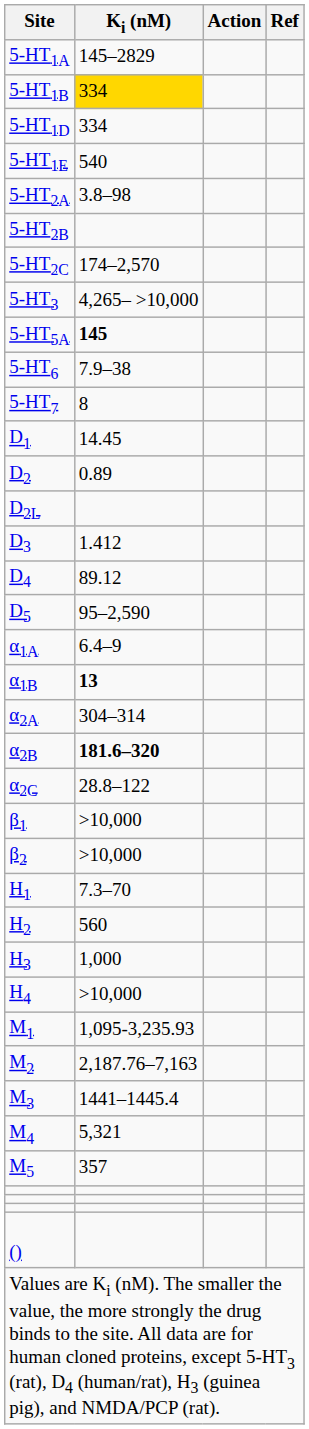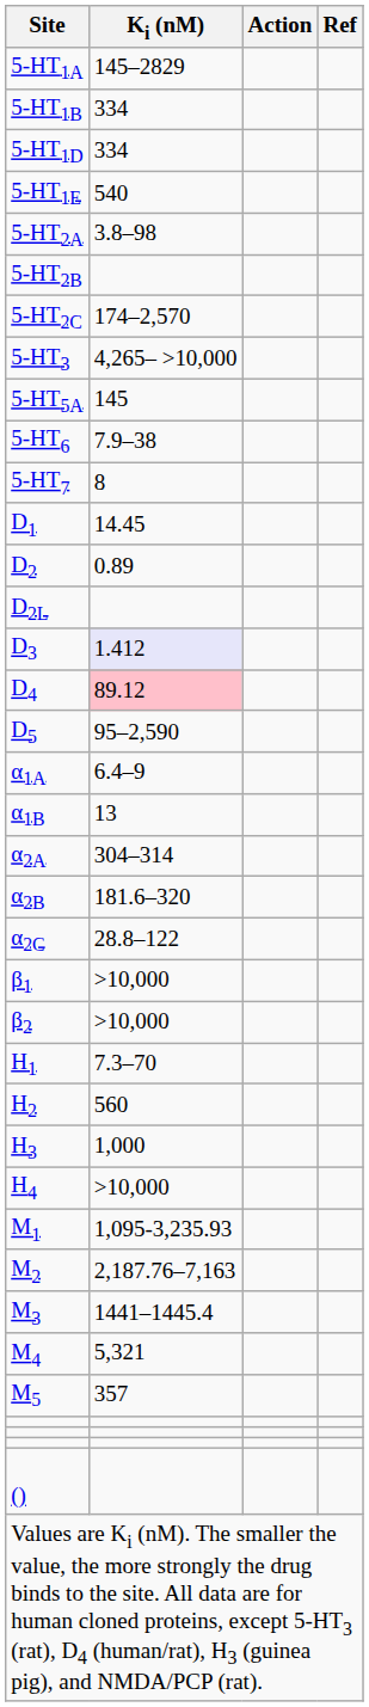 <table class="wikitable floatright" style="font-size:small;">
 <tr>
 <th>Site</th>
 <th>K<sub>i</sub> (nM)</th>
 <th>Action</th>
 <th>Ref</th>
 </tr>
 <tr>
 <td><a href='#'>5-HT<sub>1A</sub></a></td>
 <td>145–2829</td>
 <td></td>
 <td></td>
 </tr>
 <tr>
 <td><a href='#'>5-HT<sub>1B</sub></a></td>
-<td style="background: gold;">334</td>
+<td>334</td>
 <td></td>
 <td></td>
 </tr>
 <tr>
 <td><a href='#'>5-HT<sub>1D</sub></a></td>
 <td>334</td>
 <td></td>
 <td></td>
 </tr>
 <tr>
 <td><a href='#'>5-HT<sub>1E</sub></a></td>
 <td>540</td>
 <td></td>
 <td></td>
 </tr>
 <tr>
 <td><a href='#'>5-HT<sub>2A</sub></a></td>
 <td>3.8–98</td>
 <td></td>
 <td></td>
 </tr>
 <tr>
 <td><a href='#'>5-HT<sub>2B</sub></a></td>
 <td></td>
 <td></td>
 <td></td>
 </tr>
 <tr>
 <td><a href='#'>5-HT<sub>2C</sub></a></td>
 <td>174–2,570</td>
 <td></td>
 <td></td>
 </tr>
 <tr>
 <td><a href='#'>5-HT<sub>3</sub></a></td>
 <td>4,265– >10,000</td>
 <td></td>
 <td></td>
 </tr>
 <tr>
 <td><a href='#'>5-HT<sub>5A</sub></a></td>
-<td><strong>145</strong></td>
+<td>145</td>
 <td></td>
 <td></td>
 </tr>
 <tr>
 <td><a href='#'>5-HT<sub>6</sub></a></td>
 <td>7.9–38</td>
 <td></td>
 <td></td>
 </tr>
 <tr>
 <td><a href='#'>5-HT<sub>7</sub></a></td>
 <td>8</td>
 <td></td>
 <td></td>
 </tr>
 <tr>
 <td><a href='#'>D<sub>1</sub></a></td>
 <td>14.45</td>
 <td></td>
 <td></td>
 </tr>
 <tr>
 <td><a href='#'>D<sub>2</sub></a></td>
 <td>0.89</td>
 <td></td>
 <td></td>
 </tr>
 <tr>
 <td><a href='#'>D<sub>2L</sub></a></td>
 <td></td>
 <td></td>
 <td></td>
 </tr>
 <tr>
 <td><a href='#'>D<sub>3</sub></a></td>
-<td>1.412</td>
+<td style="background: lavender;">1.412</td>
 <td></td>
 <td></td>
 </tr>
 <tr>
 <td><a href='#'>D<sub>4</sub></a></td>
-<td>89.12</td>
+<td style="background: pink;">89.12</td>
 <td></td>
 <td></td>
 </tr>
 <tr>
 <td><a href='#'>D<sub>5</sub></a></td>
 <td>95–2,590</td>
 <td></td>
 <td></td>
 </tr>
 <tr>
 <td><a href='#'>α<sub>1A</sub></a></td>
 <td>6.4–9</td>
 <td></td>
 <td></td>
 </tr>
 <tr>
 <td><a href='#'>α<sub>1B</sub></a></td>
-<td><strong>13</strong></td>
+<td>13</td>
 <td></td>
 <td></td>
 </tr>
 <tr>
 <td><a href='#'>α<sub>2A</sub></a></td>
 <td>304–314</td>
 <td></td>
 <td></td>
 </tr>
 <tr>
 <td><a href='#'>α<sub>2B</sub></a></td>
-<td><strong>181.6–320</strong></td>
+<td>181.6–320</td>
 <td></td>
 <td></td>
 </tr>
 <tr>
 <td><a href='#'>α<sub>2C</sub></a></td>
 <td>28.8–122</td>
 <td></td>
 <td></td>
 </tr>
 <tr>
 <td><a href='#'>β<sub>1</sub></a></td>
 <td>>10,000</td>
 <td></td>
 <td></td>
 </tr>
 <tr>
 <td><a href='#'>β<sub>2</sub></a></td>
 <td>>10,000</td>
 <td></td>
 <td></td>
 </tr>
 <tr>
 <td><a href='#'>H<sub>1</sub></a></td>
 <td>7.3–70</td>
 <td></td>
 <td></td>
 </tr>
 <tr>
 <td><a href='#'>H<sub>2</sub></a></td>
 <td>560</td>
 <td></td>
 <td></td>
 </tr>
 <tr>
 <td><a href='#'>H<sub>3</sub></a></td>
 <td>1,000</td>
 <td></td>
 <td></td>
 </tr>
 <tr>
 <td><a href='#'>H<sub>4</sub></a></td>
 <td>>10,000</td>
 <td></td>
 <td></td>
 </tr>
 <tr>
 <td><a href='#'>M<sub>1</sub></a></td>
 <td>1,095-3,235.93</td>
 <td></td>
 <td></td>
 </tr>
 <tr>
 <td><a href='#'>M<sub>2</sub></a></td>
 <td>2,187.76–7,163</td>
 <td></td>
 <td></td>
 </tr>
 <tr>
 <td><a href='#'>M<sub>3</sub></a></td>
 <td>1441–1445.4</td>
 <td></td>
 <td></td>
 </tr>
 <tr>
 <td><a href='#'>M<sub>4</sub></a></td>
 <td>5,321</td>
 <td></td>
 <td></td>
 </tr>
 <tr>
 <td><a href='#'>M<sub>5</sub></a></td>
 <td>357</td>
 <td></td>
 <td></td>
 </tr>
 <tr>
 <td></td>
 <td></td>
 <td></td>
 <td></td>
 </tr>
 <tr>
 <td></td>
 <td></td>
 <td></td>
 <td></td>
 </tr>
 <tr>
 <td></td>
 <td></td>
 <td></td>
 <td></td>
 </tr>
 <tr>
 <td><a href='#'><br>()</a></td>
 <td></td>
 <td></td>
 <td></td>
 </tr>
 <tr class="sortbottom">
 <td colspan="4" style="width: 1px;">Values are K<sub>i</sub> (nM). The smaller the value, the more strongly the drug binds to the site. All data are for human cloned proteins, except 5-HT<sub>3</sub> (rat), D<sub>4</sub> (human/rat), H<sub>3</sub> (guinea pig), and NMDA/PCP (rat).</td>
 </tr>
 </table>
